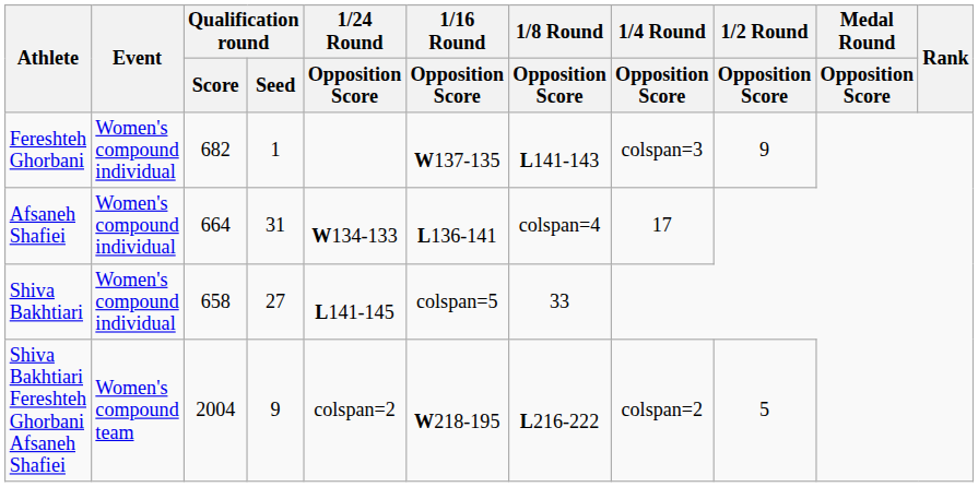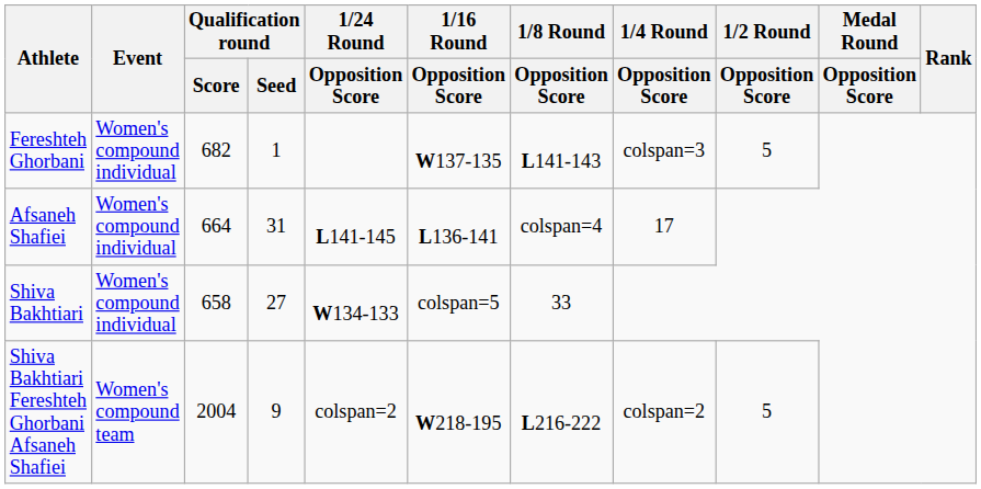 <table class="wikitable">
 <tr>
 <th rowspan="2">Athlete</th>
 <th rowspan="2">Event</th>
 <th colspan="2">Qualification round</th>
 <th>1/24 Round</th>
 <th>1/16 Round</th>
 <th>1/8 Round</th>
 <th>1/4 Round</th>
 <th>1/2 Round</th>
 <th>Medal Round</th>
 <th rowspan=2>Rank</th>
 </tr>
 <tr>
 <th>Score</th>
 <th>Seed</th>
 <th>Opposition<br>Score</th>
 <th>Opposition<br>Score</th>
 <th>Opposition<br>Score</th>
 <th>Opposition<br>Score</th>
 <th>Opposition<br>Score</th>
 <th>Opposition<br>Score</th>
 </tr>
 <tr align=center>
 <td align=left><a href='#'>Fereshteh Ghorbani</a></td>
 <td align=left><a href='#'>Women's compound individual</a></td>
 <td>682</td>
 <td>1</td>
 <td></td>
 <td><br><strong>W</strong>137-135</td>
 <td><br><strong>L</strong>141-143</td>
 <td>colspan=3 </td>
-<td>9</td>
+<td>5</td>
 </tr>
 <tr align=center>
 <td align=left><a href='#'>Afsaneh Shafiei</a></td>
 <td align=left><a href='#'>Women's compound individual</a></td>
 <td>664</td>
 <td>31</td>
-<td><br><strong>W</strong>134-133</td>
+<td><br><strong>L</strong>141-145</td>
 <td><br><strong>L</strong>136-141</td>
 <td>colspan=4 </td>
 <td>17</td>
 </tr>
 <tr align=center>
 <td align=left><a href='#'>Shiva Bakhtiari</a></td>
 <td align=left><a href='#'>Women's compound individual</a></td>
 <td>658</td>
 <td>27</td>
-<td><br><strong>L</strong>141-145</td>
+<td><br><strong>W</strong>134-133</td>
 <td>colspan=5 </td>
 <td>33</td>
 </tr>
 <tr align=center>
 <td align=left><a href='#'>Shiva Bakhtiari</a><br><a href='#'>Fereshteh Ghorbani</a><br><a href='#'>Afsaneh Shafiei</a></td>
 <td align=left><a href='#'>Women's compound team</a></td>
 <td>2004</td>
 <td>9</td>
 <td>colspan=2 </td>
 <td><br><strong>W</strong>218-195</td>
 <td><br><strong>L</strong>216-222</td>
 <td>colspan=2 </td>
 <td>5</td>
 </tr>
 </table>
